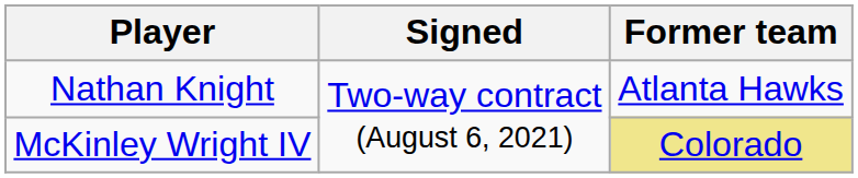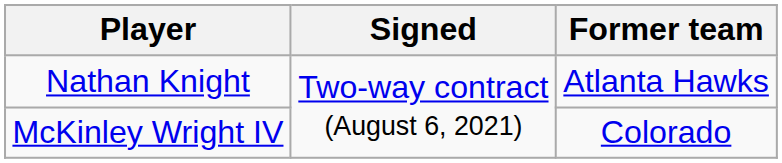 <table class="wikitable sortable sortable" style="text-align: center">
 <tr>
 <th>Player</th>
 <th>Signed</th>
 <th>Former team</th>
 </tr>
 <tr>
 <td><a href='#'>Nathan Knight</a></td>
 <td rowspan=2><a href='#'>Two-way contract</a><br><small>(August 6, 2021)</small></td>
 <td><a href='#'>Atlanta Hawks</a></td>
 </tr>
 <tr>
 <td><a href='#'>McKinley Wright IV</a></td>
-<td style="background: khaki;"><a href='#'>Colorado</a></td>
+<td><a href='#'>Colorado</a></td>
 </tr>
 </table>
